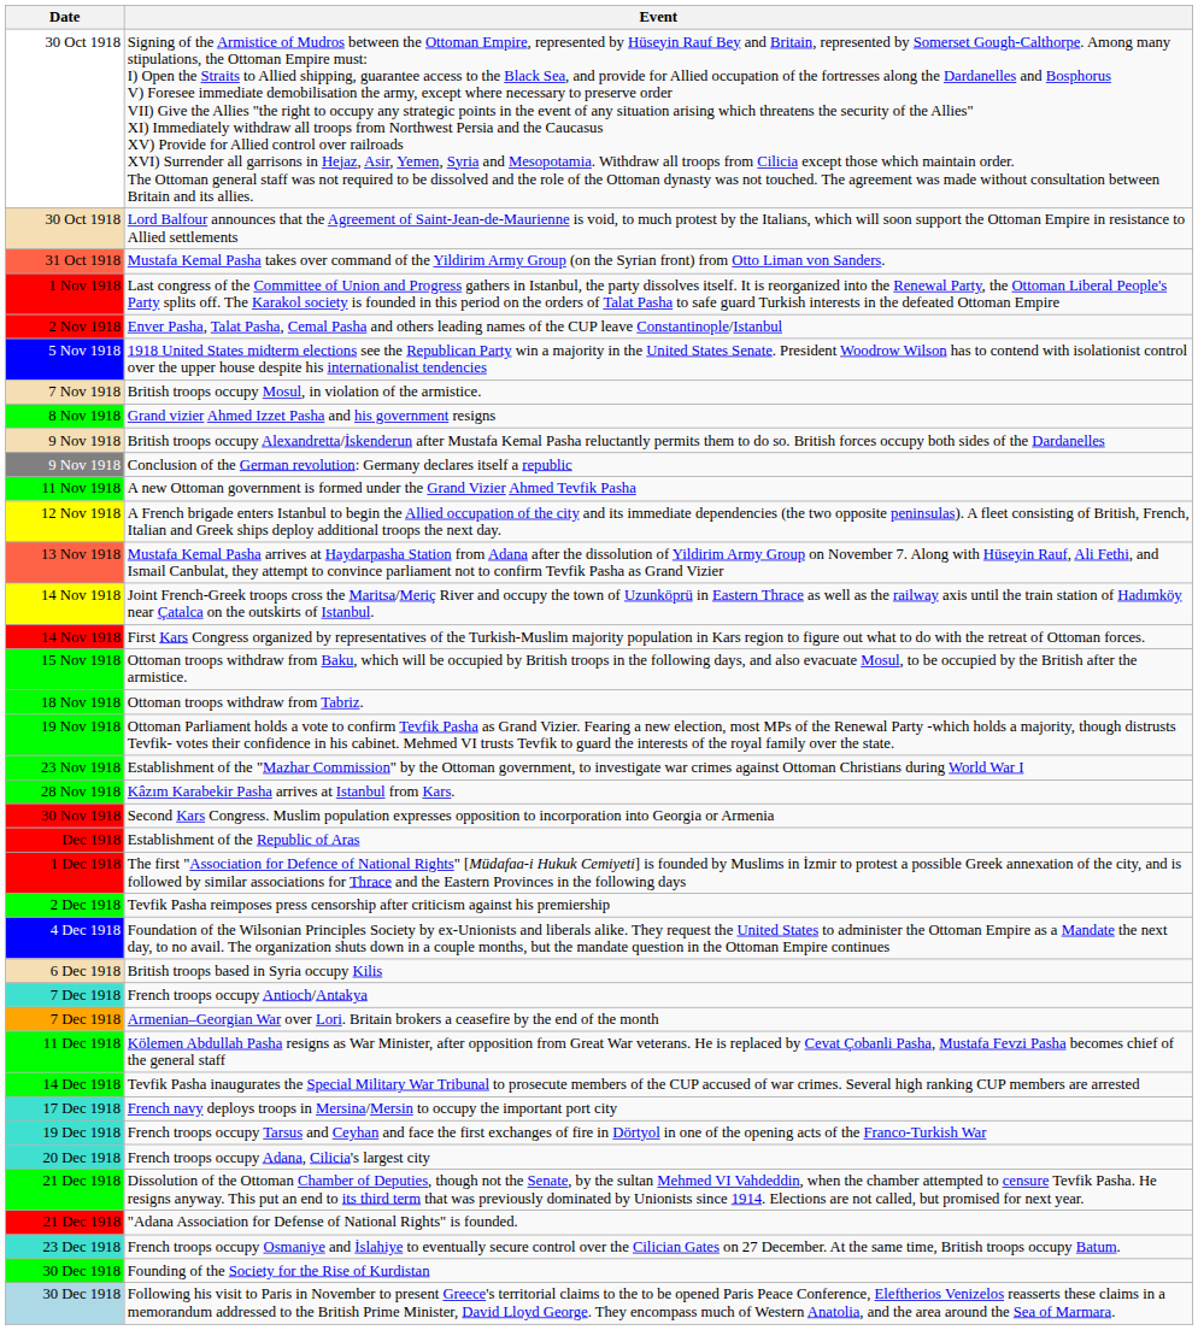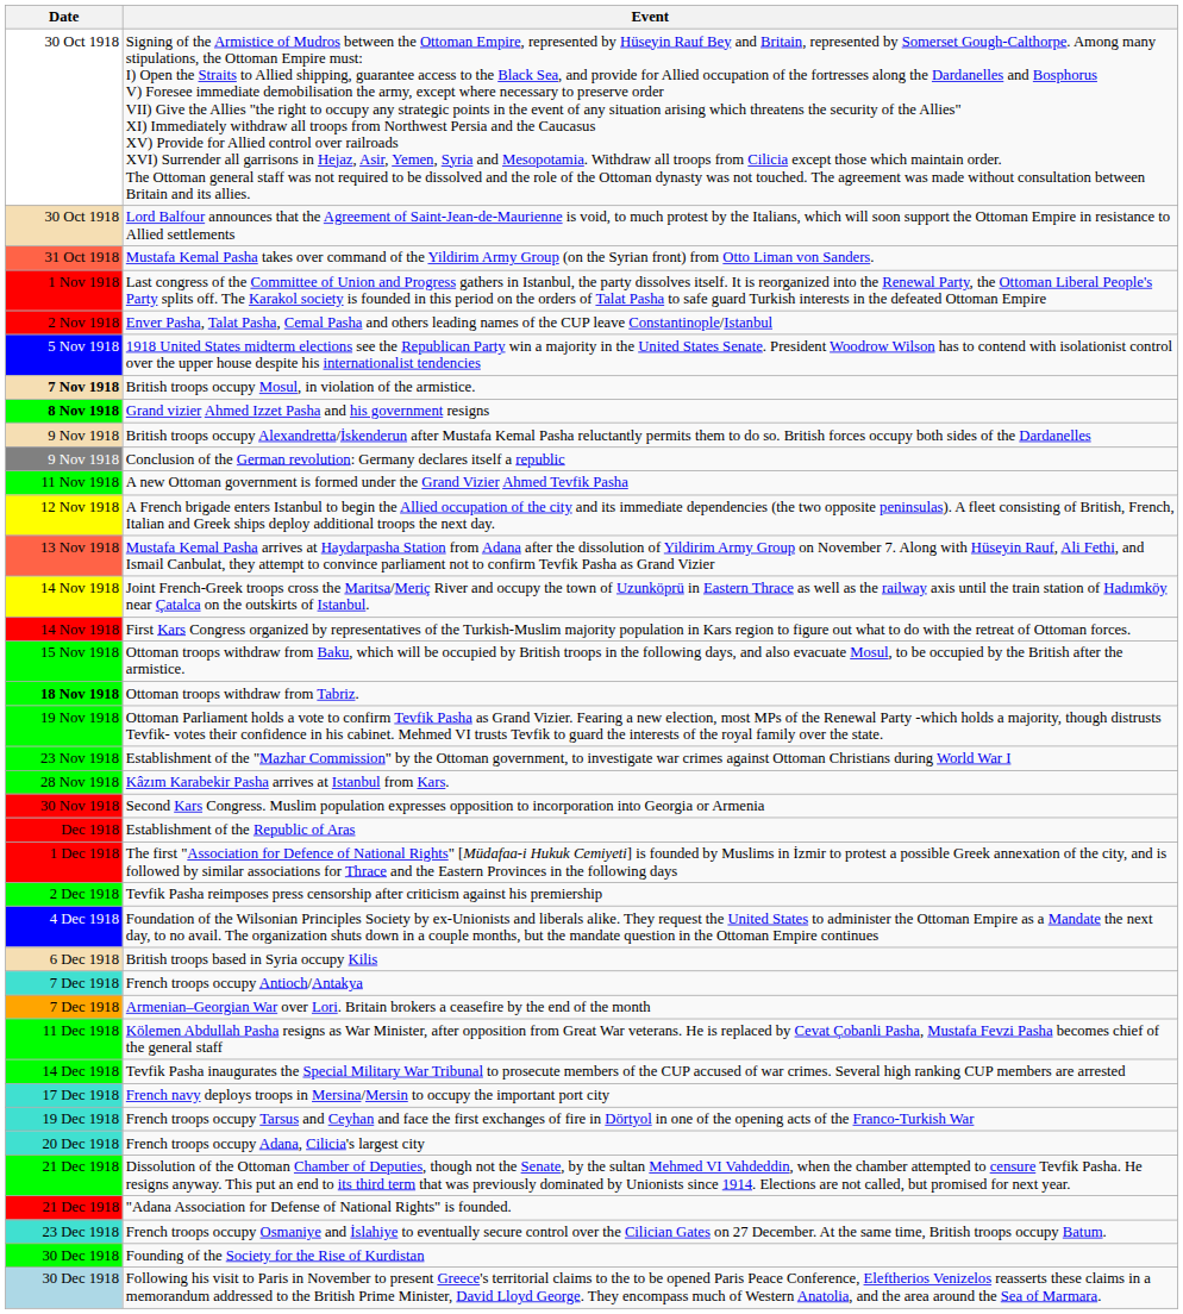 <table class="wikitable">
 <tr>
 <th width="10%">Date</th>
 <th>Event</th>
 </tr>
 <tr>
 <td valign="top" align="right" style="background:white">30 Oct 1918</td>
 <td>Signing of the <a href='#'>Armistice of Mudros</a> between the <a href='#'>Ottoman Empire</a>, represented by <a href='#'>Hüseyin Rauf Bey</a> and <a href='#'>Britain</a>, represented by <a href='#'>Somerset Gough-Calthorpe</a>. Among many stipulations, the Ottoman Empire must:<br>I) Open the <a href='#'>Straits</a> to Allied shipping, guarantee access to the <a href='#'>Black Sea</a>, and provide for Allied occupation of the fortresses along the <a href='#'>Dardanelles</a> and <a href='#'>Bosphorus</a><br>V) Foresee immediate demobilisation the army, except where necessary to preserve order<br>VII) Give the Allies "the right to occupy any strategic points in the event of any situation arising which threatens the security of the Allies"<br>XI) Immediately withdraw all troops from Northwest Persia and the Caucasus<br>XV) Provide for Allied control over railroads<br>XVI) Surrender all garrisons in <a href='#'>Hejaz</a>, <a href='#'>Asir</a>, <a href='#'>Yemen</a>, <a href='#'>Syria</a> and <a href='#'>Mesopotamia</a>. Withdraw all troops from <a href='#'>Cilicia</a> except those which maintain order.<br>The Ottoman general staff was not required to be dissolved and the role of the Ottoman dynasty was not touched. The agreement was made without consultation between Britain and its allies.</td>
 </tr>
 <tr>
 <td valign="top" align="right" style="background:Wheat">30 Oct 1918</td>
 <td><a href='#'>Lord Balfour</a> announces that the <a href='#'>Agreement of Saint-Jean-de-Maurienne</a> is void, to much protest by the Italians, which will soon support the Ottoman Empire in resistance to Allied settlements</td>
 </tr>
 <tr>
 <td valign="top" align="right" style="background:Tomato">31 Oct 1918</td>
 <td><a href='#'>Mustafa Kemal Pasha</a> takes over command of the <a href='#'>Yildirim Army Group</a> (on the Syrian front) from <a href='#'>Otto Liman von Sanders</a>.</td>
 </tr>
 <tr>
 <td valign="top" align="right" style="background:red">1 Nov 1918</td>
 <td>Last congress of the <a href='#'>Committee of Union and Progress</a> gathers in Istanbul, the party dissolves itself. It is reorganized into the <a href='#'>Renewal Party</a>, the <a href='#'>Ottoman Liberal People's Party</a> splits off. The <a href='#'>Karakol society</a> is founded in this period on the orders of <a href='#'>Talat Pasha</a> to safe guard Turkish interests in the defeated Ottoman Empire</td>
 </tr>
 <tr>
 <td valign="top" align="right" style="background:red">2 Nov 1918</td>
 <td><a href='#'>Enver Pasha</a>, <a href='#'>Talat Pasha</a>, <a href='#'>Cemal Pasha</a> and others leading names of the CUP leave <a href='#'>Constantinople</a>/<a href='#'>Istanbul</a></td>
 </tr>
 <tr>
 <td valign="top" align="right" style="background:blue; color: white;">5 Nov 1918</td>
 <td><a href='#'>1918 United States midterm elections</a> see the <a href='#'>Republican Party</a> win a majority in the <a href='#'>United States Senate</a>. President <a href='#'>Woodrow Wilson</a> has to contend with isolationist control over the upper house despite his <a href='#'>internationalist tendencies</a></td>
 </tr>
 <tr>
-<td valign="top" align="right" style="background:Wheat">7 Nov 1918</td>
+<td valign="top" align="right" style="background:Wheat"><strong>7 Nov 1918</strong></td>
 <td>British troops occupy <a href='#'>Mosul</a>, in violation of the armistice.</td>
 </tr>
 <tr>
-<td valign="top" align="right" style="background:Lime">8 Nov 1918</td>
+<td valign="top" align="right" style="background:Lime"><strong>8 Nov 1918</strong></td>
 <td><a href='#'>Grand vizier</a> <a href='#'>Ahmed Izzet Pasha</a> and <a href='#'>his government</a> resigns</td>
 </tr>
 <tr>
 <td valign="top" align="right" style="background:Wheat">9 Nov 1918</td>
 <td>British troops occupy <a href='#'>Alexandretta</a>/<a href='#'>İskenderun</a> after Mustafa Kemal Pasha reluctantly permits them to do so. British forces occupy both sides of the <a href='#'>Dardanelles</a></td>
 </tr>
 <tr>
 <td valign="top" align="right" style="background:Grey; color: white;">9 Nov 1918</td>
 <td>Conclusion of the <a href='#'>German revolution</a>: Germany declares itself a <a href='#'>republic</a></td>
 </tr>
 <tr>
 <td valign="top" align="right" style="background:Lime">11 Nov 1918</td>
 <td>A new Ottoman government is formed under the <a href='#'>Grand Vizier</a> <a href='#'>Ahmed Tevfik Pasha</a></td>
 </tr>
 <tr>
 <td valign="top" align="right" style="background:Yellow">12 Nov 1918</td>
 <td>A French brigade enters Istanbul to begin the <a href='#'>Allied occupation of the city</a> and its immediate dependencies (the two opposite <a href='#'>peninsulas</a>). A fleet consisting of British, French, Italian and Greek ships deploy additional troops the next day.</td>
 </tr>
 <tr>
 <td valign="top" align="right" style="background:Tomato">13 Nov 1918</td>
 <td><a href='#'>Mustafa Kemal Pasha</a> arrives at <a href='#'>Haydarpasha Station</a> from <a href='#'>Adana</a> after the dissolution of <a href='#'>Yildirim Army Group</a> on November 7. Along with <a href='#'>Hüseyin Rauf</a>, <a href='#'>Ali Fethi</a>, and Ismail Canbulat, they attempt to convince parliament not to confirm Tevfik Pasha as Grand Vizier</td>
 </tr>
 <tr>
 <td valign="top" align="right" style="background:Yellow">14 Nov 1918</td>
 <td>Joint French-Greek troops cross the <a href='#'>Maritsa</a>/<a href='#'>Meriç</a> River and occupy the town of <a href='#'>Uzunköprü</a> in <a href='#'>Eastern Thrace</a> as well as the <a href='#'>railway</a> axis until the train station of <a href='#'>Hadımköy</a> near <a href='#'>Çatalca</a> on the outskirts of <a href='#'>Istanbul</a>.</td>
 </tr>
 <tr>
 <td valign="top" align="right" style="background:Red">14 Nov 1918</td>
 <td>First <a href='#'>Kars</a> Congress organized by representatives of the Turkish-Muslim majority population in Kars region to figure out what to do with the retreat of Ottoman forces.</td>
 </tr>
 <tr>
 <td valign="top" align="right" style="background:Lime">15 Nov 1918</td>
 <td>Ottoman troops withdraw from <a href='#'>Baku</a>, which will be occupied by British troops in the following days, and also evacuate <a href='#'>Mosul</a>, to be occupied by the British after the armistice.</td>
 </tr>
 <tr>
-<td valign="top" align="right" style="background:Lime">18 Nov 1918</td>
+<td valign="top" align="right" style="background:Lime"><strong>18 Nov 1918</strong></td>
 <td>Ottoman troops withdraw from <a href='#'>Tabriz</a>.</td>
 </tr>
 <tr>
 <td valign="top" align="right" style="background:Lime">19 Nov 1918</td>
 <td>Ottoman Parliament holds a vote to confirm <a href='#'>Tevfik Pasha</a> as Grand Vizier. Fearing a new election, most MPs of the Renewal Party -which holds a majority, though distrusts Tevfik- votes their confidence in his cabinet. Mehmed VI trusts Tevfik to guard the interests of the royal family over the state.</td>
 </tr>
 <tr>
 <td valign="top" align="right" style="background:Lime">23 Nov 1918</td>
 <td>Establishment of the "<a href='#'>Mazhar Commission</a>" by the Ottoman government, to investigate war crimes against Ottoman Christians during <a href='#'>World War I</a></td>
 </tr>
 <tr>
 <td valign="top" align="right" style="background:Lime">28 Nov 1918</td>
 <td><a href='#'>Kâzım Karabekir Pasha</a> arrives at <a href='#'>Istanbul</a> from <a href='#'>Kars</a>.</td>
 </tr>
 <tr>
 <td valign="top" align="right" style="background:Red">30 Nov 1918</td>
 <td>Second <a href='#'>Kars</a> Congress. Muslim population expresses opposition to incorporation into Georgia or Armenia</td>
 </tr>
 <tr>
 <td valign="top" align="right" style="background:Red">Dec 1918</td>
 <td>Establishment of the <a href='#'>Republic of Aras</a></td>
 </tr>
 <tr>
 <td valign="top" align="right" style="background:Red">1 Dec 1918</td>
 <td>The first "<a href='#'>Association for Defence of National Rights</a>" [<em>Müdafaa-i Hukuk Cemiyeti</em>] is founded by  Muslims in İzmir to protest a possible Greek annexation of the city, and is followed by similar associations for <a href='#'>Thrace</a> and the Eastern Provinces in the following days</td>
 </tr>
 <tr>
 <td valign="top" align="right" style="background:lime">2 Dec 1918</td>
 <td>Tevfik Pasha reimposes press censorship after criticism against his premiership</td>
 </tr>
 <tr>
 <td valign="top" align="right" style="background:blue; color: white;">4 Dec 1918</td>
 <td>Foundation of the Wilsonian Principles Society by ex-Unionists and liberals alike. They request the <a href='#'>United States</a> to administer the Ottoman Empire as a <a href='#'>Mandate</a> the next day, to no avail. The organization shuts down in a couple months, but the mandate question in the Ottoman Empire continues</td>
 </tr>
 <tr>
 <td valign="top" align="right" style="background:Wheat">6 Dec 1918</td>
 <td>British troops based in Syria occupy <a href='#'>Kilis</a></td>
 </tr>
 <tr>
 <td valign="top" align="right" style="background:Turquoise">7 Dec 1918</td>
 <td>French troops occupy <a href='#'>Antioch</a>/<a href='#'>Antakya</a></td>
 </tr>
 <tr>
 <td valign="top" align="right" style="background:Orange">7 Dec 1918</td>
 <td><a href='#'>Armenian–Georgian War</a> over <a href='#'>Lori</a>. Britain brokers a ceasefire by the end of the month</td>
 </tr>
 <tr>
 <td valign="top" align="right" style="background:lime">11 Dec 1918</td>
 <td><a href='#'>Kölemen Abdullah Pasha</a> resigns as War Minister, after opposition from Great War veterans. He is replaced by <a href='#'>Cevat Çobanli Pasha</a>, <a href='#'>Mustafa Fevzi Pasha</a> becomes chief of the general staff</td>
 </tr>
 <tr>
 <td valign="top" align="right" style="background:lime">14 Dec 1918</td>
 <td>Tevfik Pasha inaugurates the <a href='#'>Special Military War Tribunal</a> to prosecute members of the CUP accused of war crimes. Several high ranking CUP members are arrested</td>
 </tr>
 <tr>
 <td valign="top" align="right" style="background:Turquoise">17 Dec 1918</td>
 <td><a href='#'>French navy</a> deploys troops in <a href='#'>Mersina</a>/<a href='#'>Mersin</a> to occupy the important port city</td>
 </tr>
 <tr>
 <td valign="top" align="right" style="background:Turquoise">19 Dec 1918</td>
 <td>French troops occupy <a href='#'>Tarsus</a> and <a href='#'>Ceyhan</a> and face the first exchanges of fire in <a href='#'>Dörtyol</a> in one of the opening acts of the <a href='#'>Franco-Turkish War</a></td>
 </tr>
 <tr>
 <td valign="top" align="right" style="background:Turquoise">20 Dec 1918</td>
 <td>French troops occupy <a href='#'>Adana</a>, <a href='#'>Cilicia</a>'s largest city</td>
 </tr>
 <tr>
 <td valign="top" align="right" style="background:Lime">21 Dec 1918</td>
 <td>Dissolution of the Ottoman <a href='#'>Chamber of Deputies</a>, though not the <a href='#'>Senate</a>, by the sultan <a href='#'>Mehmed VI Vahdeddin</a>, when the chamber attempted to <a href='#'>censure</a> Tevfik Pasha. He resigns anyway. This put an end to <a href='#'>its third term</a> that was previously dominated by Unionists since <a href='#'>1914</a>. Elections are not called, but promised for next year.</td>
 </tr>
 <tr>
 <td valign="top" align="right" style="background:Red">21 Dec 1918</td>
 <td>"Adana Association for Defense of National Rights" is founded.</td>
 </tr>
 <tr>
 <td valign="top" align="right" style="background:Turquoise">23 Dec 1918</td>
 <td>French troops occupy <a href='#'>Osmaniye</a> and <a href='#'>İslahiye</a> to eventually secure control over the <a href='#'>Cilician Gates</a> on 27 December. At the same time, British troops occupy <a href='#'>Batum</a>.</td>
 </tr>
 <tr>
 <td valign="top" align="right" style="background:Lime">30 Dec 1918</td>
 <td>Founding of the <a href='#'>Society for the Rise of Kurdistan</a></td>
 </tr>
 <tr>
 <td valign="top" align="right" style="background:Lightblue">30 Dec 1918</td>
 <td>Following his visit to Paris in November to present <a href='#'>Greece</a>'s territorial claims to the to be opened Paris Peace Conference, <a href='#'>Eleftherios Venizelos</a> reasserts these claims in a memorandum addressed to the British Prime Minister, <a href='#'>David Lloyd George</a>. They encompass much of Western <a href='#'>Anatolia</a>, and the area around the <a href='#'>Sea of Marmara</a>.</td>
 </tr>
 </table>
